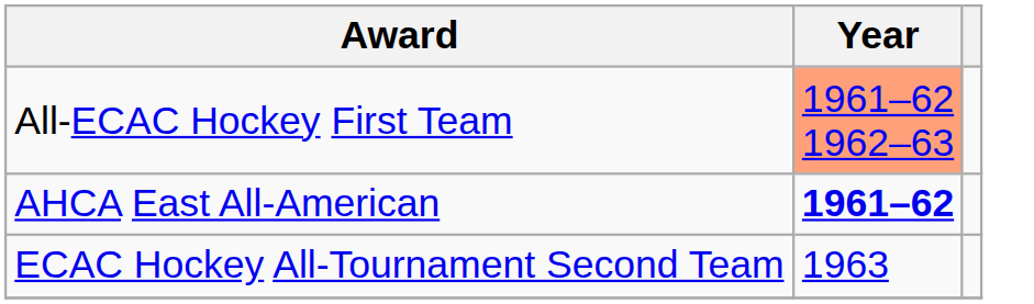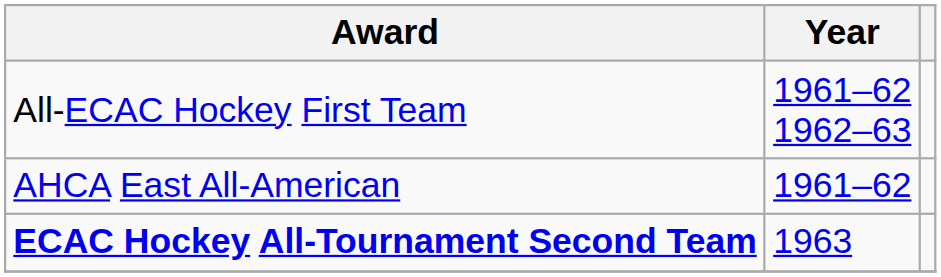 <table class="wikitable">
 <tr>
 <th>Award</th>
 <th>Year</th>
 <th></th>
 </tr>
 <tr>
 <td>All-<a href='#'>ECAC Hockey</a> <a href='#'>First Team</a></td>
-<td style="background: lightsalmon;"><a href='#'>1961–62</a><br><a href='#'>1962–63</a></td>
+<td><a href='#'>1961–62</a><br><a href='#'>1962–63</a></td>
 <td></td>
 </tr>
 <tr>
 <td><a href='#'>AHCA</a> <a href='#'>East All-American</a></td>
-<td><strong><a href='#'>1961–62</a></strong></td>
+<td><a href='#'>1961–62</a></td>
 <td></td>
 </tr>
 <tr>
-<td><a href='#'>ECAC Hockey</a> <a href='#'>All-Tournament Second Team</a></td>
+<td><strong><a href='#'>ECAC Hockey</a> <a href='#'>All-Tournament Second Team</a></strong></td>
 <td><a href='#'>1963</a></td>
 <td></td>
 </tr>
 <tr>
 </tr>
 </table>
